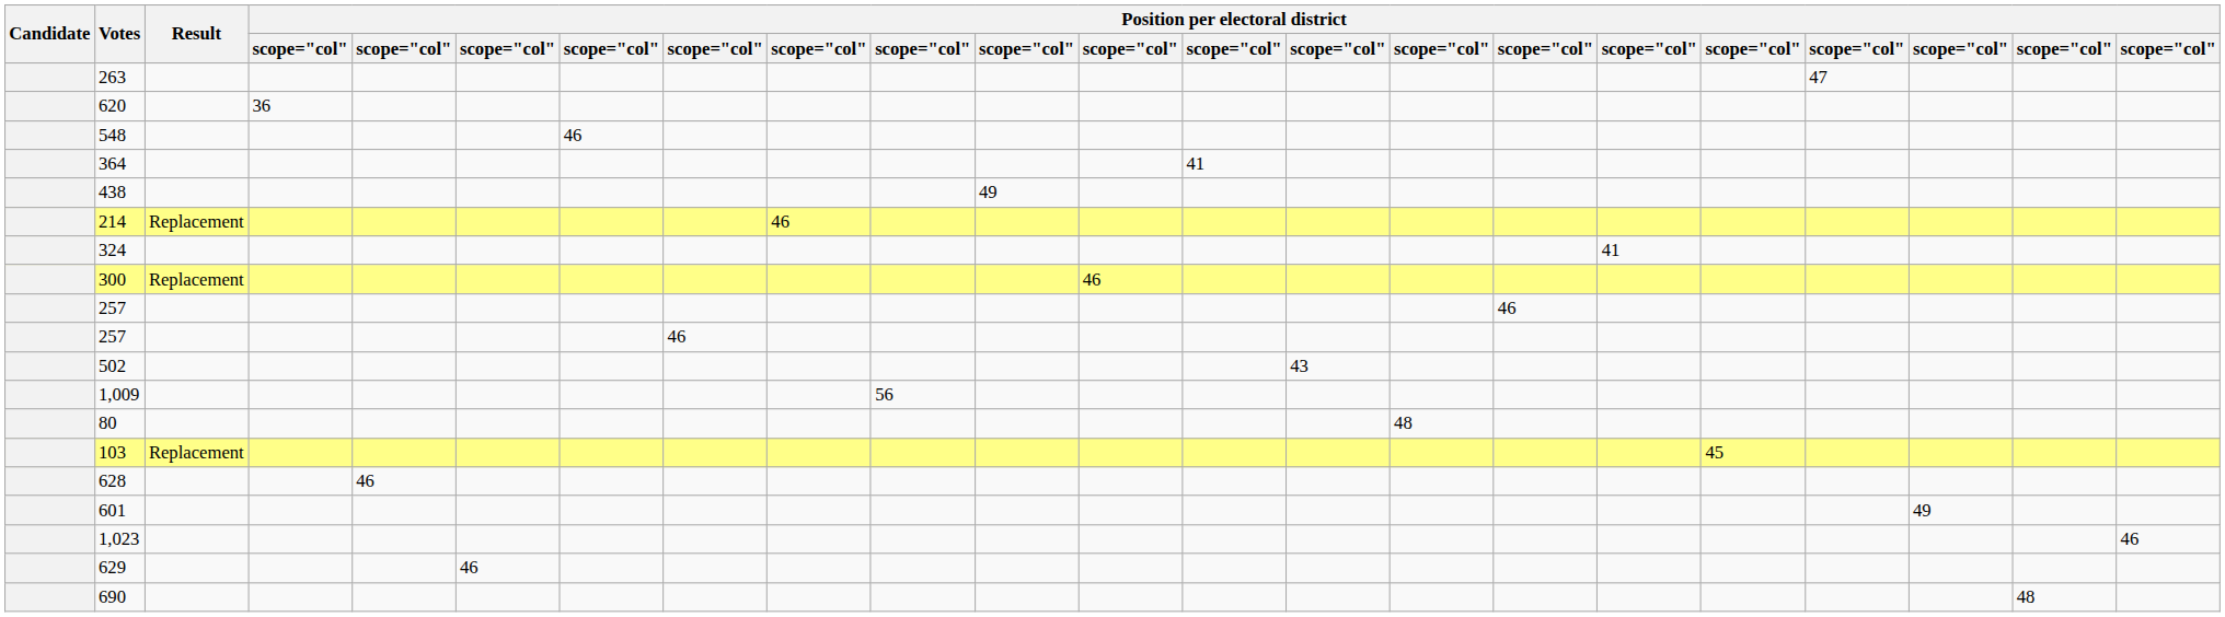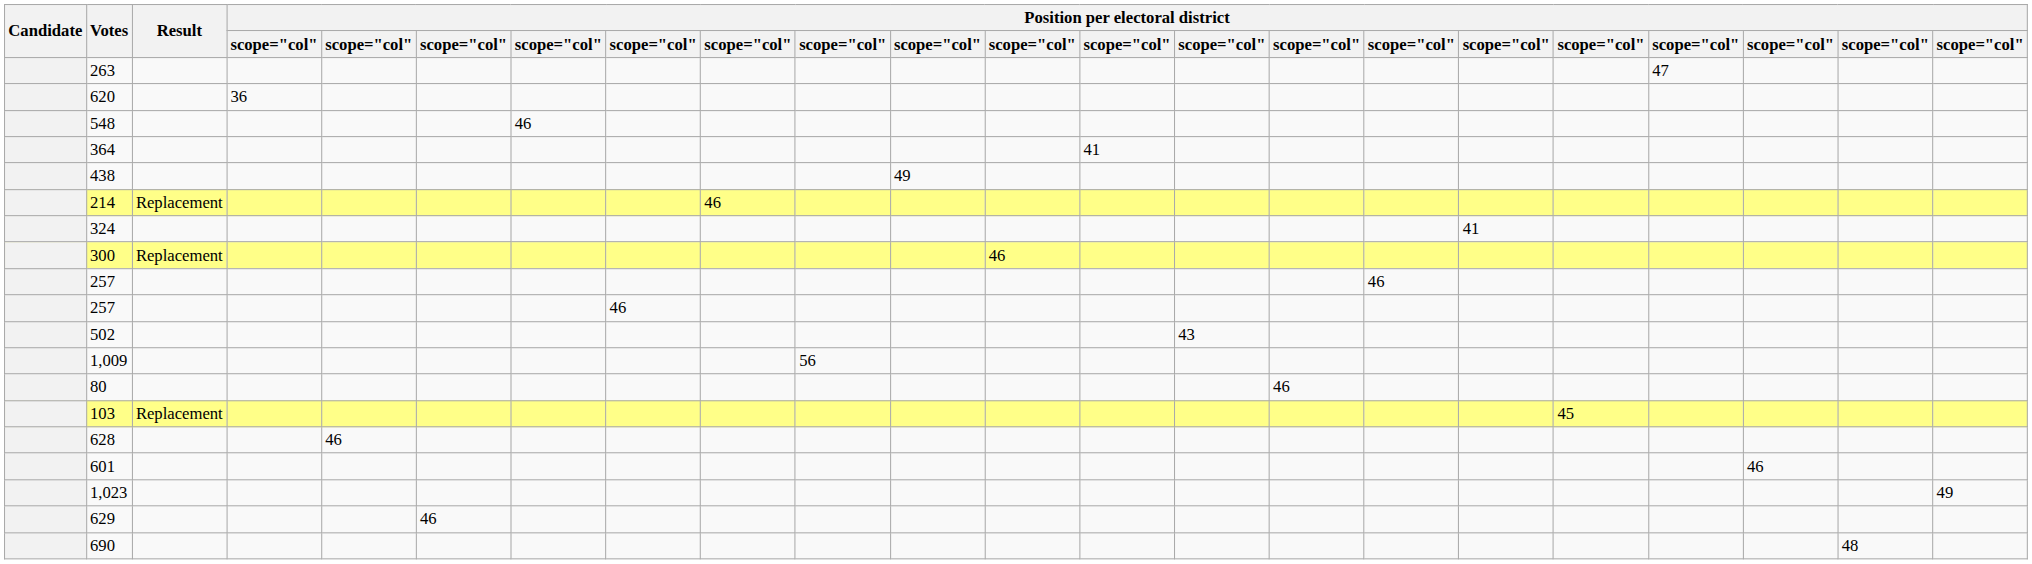 <table class="wikitable sortable defaultright col3left">
 <tr>
 <th scope="col" rowspan="2">Candidate</th>
 <th scope="col" rowspan="2">Votes</th>
 <th scope="col" rowspan="2">Result</th>
 <th scope="col" colspan="19">Position per electoral district</th>
 </tr>
 <tr>
 <th>scope="col" </th>
 <th>scope="col" </th>
 <th>scope="col" </th>
 <th>scope="col" </th>
 <th>scope="col" </th>
 <th>scope="col" </th>
 <th>scope="col" </th>
 <th>scope="col" </th>
 <th>scope="col" </th>
 <th>scope="col" </th>
 <th>scope="col" </th>
 <th>scope="col" </th>
 <th>scope="col" </th>
 <th>scope="col" </th>
 <th>scope="col" </th>
 <th>scope="col" </th>
 <th>scope="col" </th>
 <th>scope="col" </th>
 <th>scope="col" </th>
 </tr>
 <tr>
 <th scope="row"></th>
 <td>263</td>
 <td></td>
 <td></td>
 <td></td>
 <td></td>
 <td></td>
 <td></td>
 <td></td>
 <td></td>
 <td></td>
 <td></td>
 <td></td>
 <td></td>
 <td></td>
 <td></td>
 <td></td>
 <td></td>
 <td>47</td>
 <td></td>
 <td></td>
 <td></td>
 </tr>
 <tr>
 <th scope="row"></th>
 <td>620</td>
 <td></td>
 <td>36</td>
 <td></td>
 <td></td>
 <td></td>
 <td></td>
 <td></td>
 <td></td>
 <td></td>
 <td></td>
 <td></td>
 <td></td>
 <td></td>
 <td></td>
 <td></td>
 <td></td>
 <td></td>
 <td></td>
 <td></td>
 <td></td>
 </tr>
 <tr>
 <th scope="row"></th>
 <td>548</td>
 <td></td>
 <td></td>
 <td></td>
 <td></td>
 <td>46</td>
 <td></td>
 <td></td>
 <td></td>
 <td></td>
 <td></td>
 <td></td>
 <td></td>
 <td></td>
 <td></td>
 <td></td>
 <td></td>
 <td></td>
 <td></td>
 <td></td>
 <td></td>
 </tr>
 <tr>
 <th scope="row"></th>
 <td>364</td>
 <td></td>
 <td></td>
 <td></td>
 <td></td>
 <td></td>
 <td></td>
 <td></td>
 <td></td>
 <td></td>
 <td></td>
 <td>41</td>
 <td></td>
 <td></td>
 <td></td>
 <td></td>
 <td></td>
 <td></td>
 <td></td>
 <td></td>
 <td></td>
 </tr>
 <tr>
 <th scope="row"></th>
 <td>438</td>
 <td></td>
 <td></td>
 <td></td>
 <td></td>
 <td></td>
 <td></td>
 <td></td>
 <td></td>
 <td>49</td>
 <td></td>
 <td></td>
 <td></td>
 <td></td>
 <td></td>
 <td></td>
 <td></td>
 <td></td>
 <td></td>
 <td></td>
 <td></td>
 </tr>
 <tr bgcolor=#FF8>
 <th scope="row"></th>
 <td>214</td>
 <td>Replacement</td>
 <td></td>
 <td></td>
 <td></td>
 <td></td>
 <td></td>
 <td>46</td>
 <td></td>
 <td></td>
 <td></td>
 <td></td>
 <td></td>
 <td></td>
 <td></td>
 <td></td>
 <td></td>
 <td></td>
 <td></td>
 <td></td>
 <td></td>
 </tr>
 <tr>
 <th scope="row"></th>
 <td>324</td>
 <td></td>
 <td></td>
 <td></td>
 <td></td>
 <td></td>
 <td></td>
 <td></td>
 <td></td>
 <td></td>
 <td></td>
 <td></td>
 <td></td>
 <td></td>
 <td></td>
 <td>41</td>
 <td></td>
 <td></td>
 <td></td>
 <td></td>
 <td></td>
 </tr>
 <tr bgcolor=#FF8>
 <th scope="row"></th>
 <td>300</td>
 <td>Replacement</td>
 <td></td>
 <td></td>
 <td></td>
 <td></td>
 <td></td>
 <td></td>
 <td></td>
 <td></td>
 <td>46</td>
 <td></td>
 <td></td>
 <td></td>
 <td></td>
 <td></td>
 <td></td>
 <td></td>
 <td></td>
 <td></td>
 <td></td>
 </tr>
 <tr>
 <th scope="row"></th>
 <td>257</td>
 <td></td>
 <td></td>
 <td></td>
 <td></td>
 <td></td>
 <td></td>
 <td></td>
 <td></td>
 <td></td>
 <td></td>
 <td></td>
 <td></td>
 <td></td>
 <td>46</td>
 <td></td>
 <td></td>
 <td></td>
 <td></td>
 <td></td>
 <td></td>
 </tr>
 <tr>
 <th scope="row"></th>
 <td>257</td>
 <td></td>
 <td></td>
 <td></td>
 <td></td>
 <td></td>
 <td>46</td>
 <td></td>
 <td></td>
 <td></td>
 <td></td>
 <td></td>
 <td></td>
 <td></td>
 <td></td>
 <td></td>
 <td></td>
 <td></td>
 <td></td>
 <td></td>
 <td></td>
 </tr>
 <tr>
 <th scope="row"></th>
 <td>502</td>
 <td></td>
 <td></td>
 <td></td>
 <td></td>
 <td></td>
 <td></td>
 <td></td>
 <td></td>
 <td></td>
 <td></td>
 <td></td>
 <td>43</td>
 <td></td>
 <td></td>
 <td></td>
 <td></td>
 <td></td>
 <td></td>
 <td></td>
 <td></td>
 </tr>
 <tr>
 <th scope="row"></th>
 <td>1,009</td>
 <td></td>
 <td></td>
 <td></td>
 <td></td>
 <td></td>
 <td></td>
 <td></td>
 <td>56</td>
 <td></td>
 <td></td>
 <td></td>
 <td></td>
 <td></td>
 <td></td>
 <td></td>
 <td></td>
 <td></td>
 <td></td>
 <td></td>
 <td></td>
 </tr>
 <tr>
 <th scope="row"></th>
 <td>80</td>
 <td></td>
 <td></td>
 <td></td>
 <td></td>
 <td></td>
 <td></td>
 <td></td>
 <td></td>
 <td></td>
 <td></td>
 <td></td>
 <td></td>
-<td>48</td>
+<td>46</td>
 <td></td>
 <td></td>
 <td></td>
 <td></td>
 <td></td>
 <td></td>
 <td></td>
 </tr>
 <tr bgcolor=#FF8>
 <th scope="row"></th>
 <td>103</td>
 <td>Replacement</td>
 <td></td>
 <td></td>
 <td></td>
 <td></td>
 <td></td>
 <td></td>
 <td></td>
 <td></td>
 <td></td>
 <td></td>
 <td></td>
 <td></td>
 <td></td>
 <td></td>
 <td>45</td>
 <td></td>
 <td></td>
 <td></td>
 <td></td>
 </tr>
 <tr>
 <th scope="row"></th>
 <td>628</td>
 <td></td>
 <td></td>
 <td>46</td>
 <td></td>
 <td></td>
 <td></td>
 <td></td>
 <td></td>
 <td></td>
 <td></td>
 <td></td>
 <td></td>
 <td></td>
 <td></td>
 <td></td>
 <td></td>
 <td></td>
 <td></td>
 <td></td>
 <td></td>
 </tr>
 <tr>
 <th scope="row"></th>
 <td>601</td>
 <td></td>
 <td></td>
 <td></td>
 <td></td>
 <td></td>
 <td></td>
 <td></td>
 <td></td>
 <td></td>
 <td></td>
 <td></td>
 <td></td>
 <td></td>
 <td></td>
 <td></td>
 <td></td>
 <td></td>
-<td>49</td>
+<td>46</td>
 <td></td>
 <td></td>
 </tr>
 <tr>
 <th scope="row"></th>
 <td>1,023</td>
 <td></td>
 <td></td>
 <td></td>
 <td></td>
 <td></td>
 <td></td>
 <td></td>
 <td></td>
 <td></td>
 <td></td>
 <td></td>
 <td></td>
 <td></td>
 <td></td>
 <td></td>
 <td></td>
 <td></td>
 <td></td>
 <td></td>
-<td>46</td>
+<td>49</td>
 </tr>
 <tr>
 <th scope="row"></th>
 <td>629</td>
 <td></td>
 <td></td>
 <td></td>
 <td>46</td>
 <td></td>
 <td></td>
 <td></td>
 <td></td>
 <td></td>
 <td></td>
 <td></td>
 <td></td>
 <td></td>
 <td></td>
 <td></td>
 <td></td>
 <td></td>
 <td></td>
 <td></td>
 <td></td>
 </tr>
 <tr>
 <th scope="row"></th>
 <td>690</td>
 <td></td>
 <td></td>
 <td></td>
 <td></td>
 <td></td>
 <td></td>
 <td></td>
 <td></td>
 <td></td>
 <td></td>
 <td></td>
 <td></td>
 <td></td>
 <td></td>
 <td></td>
 <td></td>
 <td></td>
 <td></td>
 <td>48</td>
 <td></td>
 </tr>
 </table>
